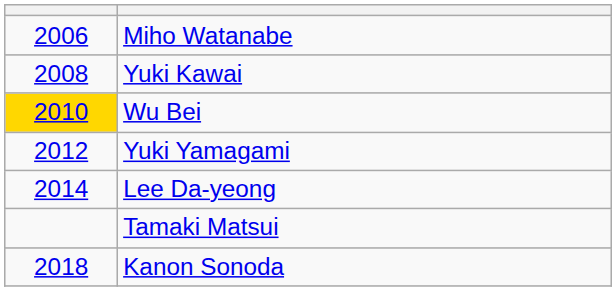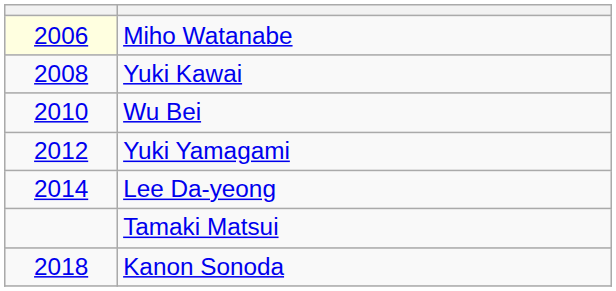 <table class=wikitable style="width: 400px;">
 <tr>
 <th width="40"></th>
 <th width="200"></th>
 </tr>
 <tr>
-<td align=center><a href='#'>2006</a></td>
+<td align=center style="background: lightyellow;"><a href='#'>2006</a></td>
 <td> <a href='#'>Miho Watanabe</a></td>
 </tr>
 <tr>
 <td align=center><a href='#'>2008</a></td>
 <td> <a href='#'>Yuki Kawai</a></td>
 </tr>
 <tr>
-<td align=center style="background: gold;"><a href='#'>2010</a></td>
+<td align=center><a href='#'>2010</a></td>
 <td> <a href='#'>Wu Bei</a></td>
 </tr>
 <tr>
 <td align=center><a href='#'>2012</a></td>
 <td> <a href='#'>Yuki Yamagami</a></td>
 </tr>
 <tr>
 <td align=center><a href='#'>2014</a></td>
 <td> <a href='#'>Lee Da-yeong</a></td>
 </tr>
 <tr>
 <td align=center></td>
 <td> <a href='#'>Tamaki Matsui</a></td>
 </tr>
 <tr>
 <td align=center><a href='#'>2018</a></td>
 <td> <a href='#'>Kanon Sonoda</a></td>
 </tr>
 </table>
